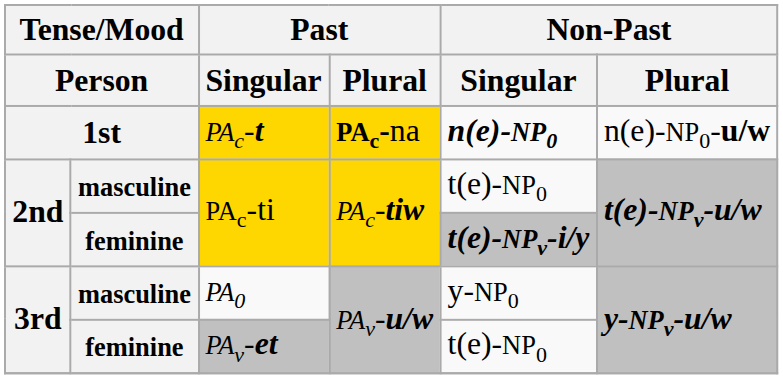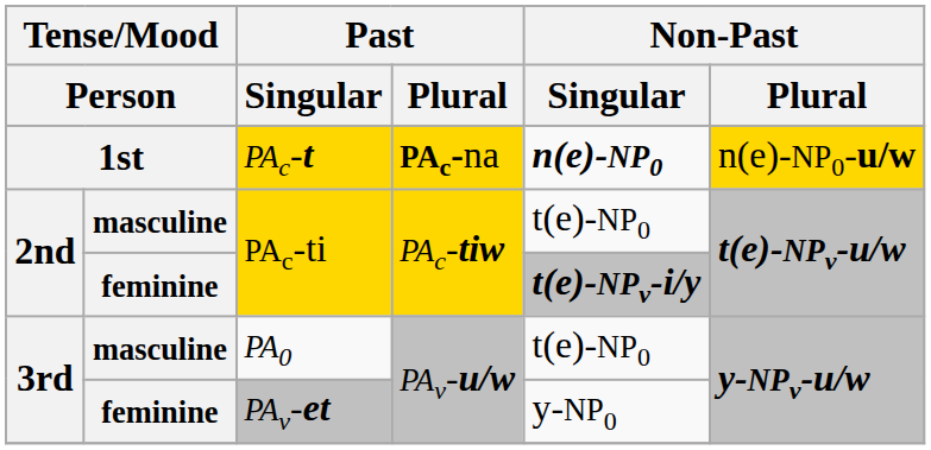 <table class="wikitable">
 <tr>
 <th colspan=2>Tense/Mood</th>
 <th colspan=2>Past</th>
 <th colspan=2>Non-Past</th>
 </tr>
 <tr>
 <th colspan=2>Person</th>
 <th>Singular</th>
 <th>Plural</th>
 <th>Singular</th>
 <th>Plural</th>
 </tr>
 <tr>
 <th colspan=2>1st</th>
 <td style=background:gold><em><small>PA<sub>c</sub></small>-<strong>t<strong><em></td>
 <td style=background:gold><strong></em><small>PA<sub>c</sub></small>-</strong>na</em></strong></strong></td>
 <td><strong><em>n(e)<strong>-<small>NP<sub>0</sub></small><em></td>
-<td></em></strong>n(e)</strong>-<small>NP<sub>0</sub></small>-<strong>u/w<strong><em></td>
+<td style="background: gold;"></em></strong>n(e)</strong>-<small>NP<sub>0</sub></small>-<strong>u/w<strong><em></td>
 </tr>
 <tr>
 <th rowspan=2>2nd</th>
 <th><small>masculine</small></th>
 <td style=background:gold rowspan=2></em><small>PA<sub>c</sub></small>-</strong>ti</em></strong></td>
 <td style=background:gold rowspan=2><em><small>PA<sub>c</sub></small>-<strong>tiw<strong><em></td>
 <td></em></strong>t(e)</strong>-<small>NP<sub>0</sub></small></em></td>
 <td style=background:silver rowspan=2><strong><em>t(e)<strong>-<small>NP<sub>v</sub></small>-</strong>u/w</em></strong></td>
 </tr>
 <tr>
 <th><small>feminine</small></th>
 <td style=background:silver><strong><em>t(e)<strong>-<small>NP<sub>v</sub></small>-</strong>i/y</em></strong></td>
 </tr>
 <tr>
 <th rowspan=2>3rd</th>
 <th><small>masculine</small></th>
 <td><em><small>PA<sub>0</sub></small></em></td>
 <td style=background:silver rowspan=2><em><small>PA<sub>v</sub></small>-<strong>u/w<strong><em></td>
-<td></em></strong>y</strong>-<small>NP<sub>0</sub></small></em></td>
+<td></em></strong>t(e)</strong>-<small>NP<sub>0</sub></small></em></td>
 <td style=background:silver rowspan=2><strong><em>y<strong>-<small>NP<sub>v</sub></small>-</strong>u/w</em></strong></td>
 </tr>
 <tr>
 <th><small>feminine</small></th>
 <td style=background:silver><em><small>PA<sub>v</sub></small>-<strong>et<strong><em></td>
-<td></em></strong>t(e)</strong>-<small>NP<sub>0</sub></small></em></td>
+<td></em></strong>y</strong>-<small>NP<sub>0</sub></small></em></td>
 </tr>
 <tr>
 </tr>
 </table>
